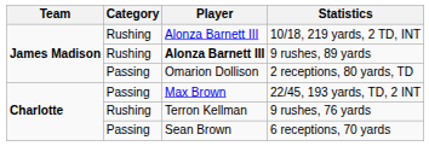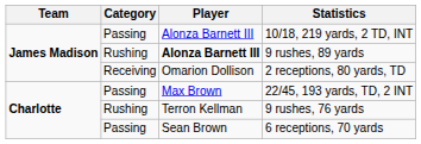 <table class="wikitable" style="float: right;">
 <tr>
 <th>Team</th>
 <th>Category</th>
 <th>Player</th>
 <th>Statistics</th>
 </tr>
 <tr>
 <td rowspan=3><strong>James Madison</strong></td>
-<td>Rushing</td>
+<td>Passing</td>
 <td><a href='#'>Alonza Barnett III</a></td>
 <td>10/18, 219 yards, 2 TD, INT</td>
 </tr>
 <tr>
 <td>Rushing</td>
 <td><strong>Alonza Barnett III</strong></td>
 <td>9 rushes, 89 yards</td>
 </tr>
 <tr>
-<td>Passing</td>
+<td>Receiving</td>
 <td>Omarion Dollison</td>
 <td>2 receptions, 80 yards, TD</td>
 </tr>
 <tr>
 <td rowspan=3><strong>Charlotte</strong></td>
 <td>Passing</td>
 <td><a href='#'>Max Brown</a></td>
 <td>22/45, 193 yards, TD, 2 INT</td>
 </tr>
 <tr>
 <td>Rushing</td>
 <td>Terron Kellman</td>
 <td>9 rushes, 76 yards</td>
 </tr>
 <tr>
 <td>Passing</td>
 <td>Sean Brown</td>
 <td>6 receptions, 70 yards</td>
 </tr>
 </table>
